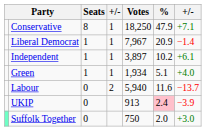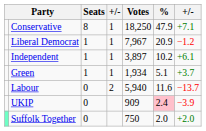 <table class="wikitable sortable">
 <tr>
 <th colspan="2">Party</th>
 <th>Seats</th>
 <th>+/-</th>
 <th>Votes</th>
 <th>%</th>
 <th>+/-</th>
 </tr>
 <tr>
 <td style="background-color: "></td>
 <td><a href='#'>Conservative</a></td>
 <td>8</td>
 <td> 1</td>
 <td>18,250</td>
 <td>47.9</td>
 <td style="color:green">+7.1</td>
 </tr>
 <tr>
 <td style="background-color: "></td>
 <td><a href='#'>Liberal Democrat</a></td>
 <td>1</td>
 <td> 1</td>
 <td>7,967</td>
 <td>20.9</td>
-<td style="color:red">−1.4</td>
+<td style="color:red">−1.2</td>
 </tr>
 <tr>
 <td style="background-color: "></td>
 <td><a href='#'>Independent</a></td>
 <td>1</td>
 <td> 1</td>
 <td>3,897</td>
 <td>10.2</td>
 <td style="color:green">+6.1</td>
 </tr>
 <tr>
 <td style="background-color: "></td>
 <td><a href='#'>Green</a></td>
 <td>1</td>
 <td> 1</td>
 <td>1,934</td>
 <td>5.1</td>
-<td style="color:green">+4.0</td>
+<td style="color:green">+3.7</td>
 </tr>
 <tr>
 <td style="background-color: "></td>
 <td><a href='#'>Labour</a></td>
 <td>0</td>
 <td> 2</td>
 <td>5,940</td>
 <td>11.6</td>
 <td style="color:red">−13.7</td>
 </tr>
 <tr>
 <td style="background-color: "></td>
 <td><a href='#'>UKIP</a></td>
 <td>0</td>
 <td></td>
-<td>913</td>
+<td>909</td>
 <td style="background: pink;">2.4</td>
 <td style="color:red">−3.9</td>
 </tr>
 <tr>
 <td style="background-color: #6EFFC5"></td>
 <td><a href='#'>Suffolk Together</a></td>
 <td>0</td>
 <td></td>
 <td>750</td>
 <td>2.0</td>
-<td style="color:green">+3.0</td>
+<td style="color:green">+2.0</td>
 </tr>
 </table>
